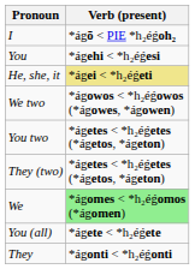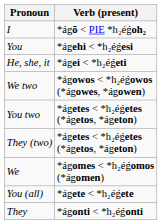 <table class="wikitable">
 <tr>
 <th>Pronoun</th>
 <th>Verb (present)</th>
 </tr>
 <tr>
 <td><em>I</em></td>
 <td>*ág<strong>ō</strong> < <a href='#'>PIE</a> *h₂éǵ<strong>oh₂</strong></td>
 </tr>
 <tr>
 <td><em>You</em></td>
 <td>*ág<strong>ehi</strong> < *h₂éǵ<strong>esi</strong></td>
 </tr>
 <tr>
 <td><em>He, she, it</em></td>
-<td style="background: khaki;">*ág<strong>ei</strong> < *h₂éǵ<strong>eti</strong></td>
+<td>*ág<strong>ei</strong> < *h₂éǵ<strong>eti</strong></td>
 </tr>
 <tr>
 <td><em>We two</em></td>
 <td>*ág<strong>owos</strong> < *h₂éǵ<strong>owos</strong><br>(*ág<strong>owes</strong>, *ág<strong>owen</strong>)</td>
 </tr>
 <tr>
 <td><em>You two</em></td>
 <td>*ág<strong>etes</strong> < *h₂éǵ<strong>etes</strong><br>(*ág<strong>etos</strong>, *ág<strong>eton</strong>)</td>
 </tr>
 <tr>
 <td><em>They (two)</em></td>
 <td>*ág<strong>etes</strong> < *h₂éǵ<strong>etes</strong><br>(*ág<strong>etos</strong>, *ág<strong>eton</strong>)</td>
 </tr>
 <tr>
 <td><em>We</em></td>
-<td style="background: lightgreen;">*ág<strong>omes</strong> < *h₂éǵ<strong>omos</strong><br>(*ág<strong>omen</strong>)</td>
+<td>*ág<strong>omes</strong> < *h₂éǵ<strong>omos</strong><br>(*ág<strong>omen</strong>)</td>
 </tr>
 <tr>
 <td><em>You (all)</em></td>
 <td>*ág<strong>ete</strong> < *h₂éǵ<strong>ete</strong></td>
 </tr>
 <tr>
 <td><em>They</em></td>
 <td>*ág<strong>onti</strong> < *h₂éǵ<strong>onti</strong></td>
 </tr>
 </table>
